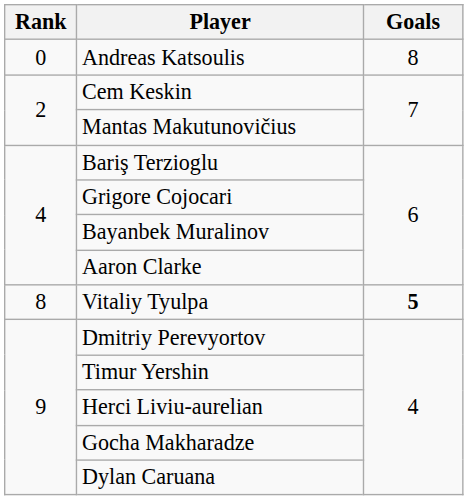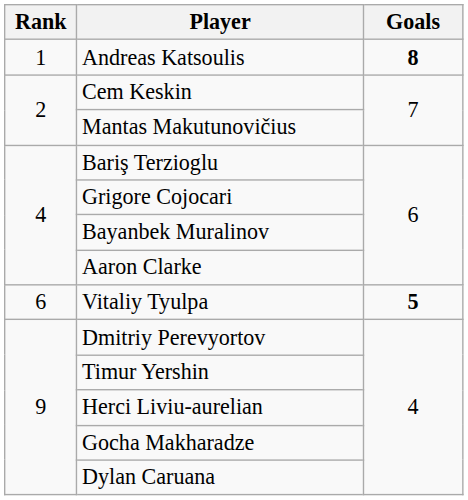 <table class="wikitable" style="text-align:center">
 <tr>
 <th width=45>Rank</th>
 <th width=200>Player</th>
 <th width=65>Goals</th>
 </tr>
 <tr>
-<td>0</td>
+<td>1</td>
 <td style="text-align:left"> Andreas Katsoulis</td>
-<td>8</td>
+<td><strong>8</strong></td>
 </tr>
 <tr>
 <td rowspan=2>2</td>
 <td style="text-align:left"> Cem Keskin</td>
 <td rowspan=2>7</td>
 </tr>
 <tr>
 <td style="text-align:left"> Mantas Makutunovičius</td>
 </tr>
 <tr>
 <td rowspan=4>4</td>
 <td style="text-align:left"> Bariş Terzioglu</td>
 <td rowspan=4>6</td>
 </tr>
 <tr>
 <td style="text-align:left"> Grigore Cojocari</td>
 </tr>
 <tr>
 <td style="text-align:left"> Bayanbek Muralinov</td>
 </tr>
 <tr>
 <td style="text-align:left"> Aaron Clarke</td>
 </tr>
 <tr>
-<td>8</td>
+<td>6</td>
 <td style="text-align:left"> Vitaliy Tyulpa</td>
 <td><strong>5</strong></td>
 </tr>
 <tr>
 <td rowspan=5>9</td>
 <td style="text-align:left"> Dmitriy Perevyortov</td>
 <td rowspan=5>4</td>
 </tr>
 <tr>
 <td style="text-align:left"> Timur Yershin</td>
 </tr>
 <tr>
 <td style="text-align:left"> Herci Liviu-aurelian</td>
 </tr>
 <tr>
 <td style="text-align:left"> Gocha Makharadze</td>
 </tr>
 <tr>
 <td style="text-align:left"> Dylan Caruana</td>
 </tr>
 </table>
